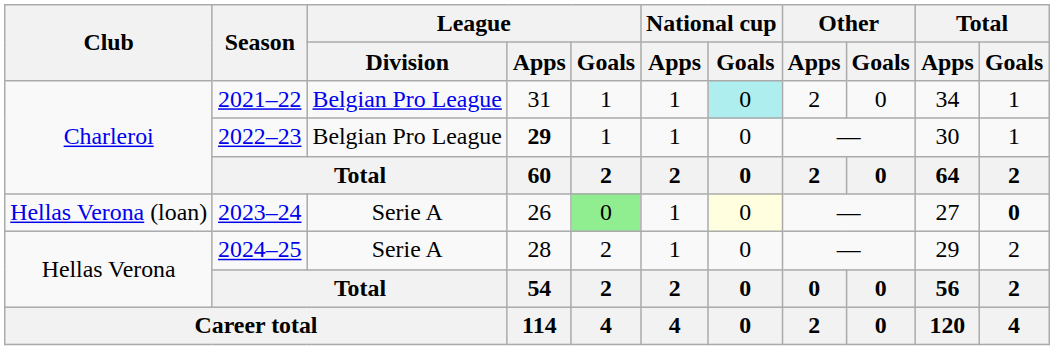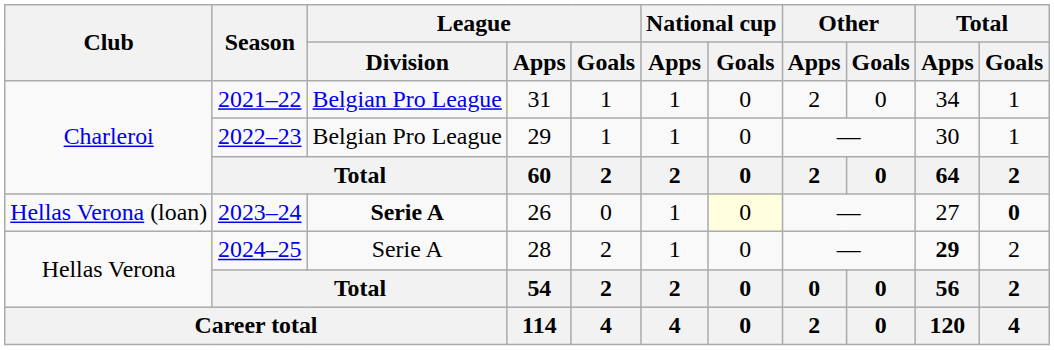 <table class="wikitable" style="text-align:center">
 <tr>
 <th rowspan="2">Club</th>
 <th rowspan="2">Season</th>
 <th colspan="3">League</th>
 <th colspan="2">National cup</th>
 <th colspan="2">Other</th>
 <th colspan="2">Total</th>
 </tr>
 <tr>
 <th>Division</th>
 <th>Apps</th>
 <th>Goals</th>
 <th>Apps</th>
 <th>Goals</th>
 <th>Apps</th>
 <th>Goals</th>
 <th>Apps</th>
 <th>Goals</th>
 </tr>
 <tr>
 <td rowspan="3"><a href='#'>Charleroi</a></td>
 <td><a href='#'>2021–22</a></td>
 <td><a href='#'>Belgian Pro League</a></td>
 <td>31</td>
 <td>1</td>
 <td>1</td>
-<td style="background: paleturquoise;">0</td>
+<td>0</td>
 <td>2</td>
 <td>0</td>
 <td>34</td>
 <td>1</td>
 </tr>
 <tr>
 <td><a href='#'>2022–23</a></td>
 <td>Belgian Pro League</td>
-<td><strong>29</strong></td>
+<td>29</td>
 <td>1</td>
 <td>1</td>
 <td>0</td>
 <td colspan="2">—</td>
 <td>30</td>
 <td>1</td>
 </tr>
 <tr>
 <th colspan="2">Total</th>
 <th>60</th>
 <th>2</th>
 <th>2</th>
 <th>0</th>
 <th>2</th>
 <th>0</th>
 <th>64</th>
 <th>2</th>
 </tr>
 <tr>
 <td><a href='#'>Hellas Verona</a> (loan)</td>
 <td><a href='#'>2023–24</a></td>
-<td>Serie A</td>
+<td><strong>Serie A</strong></td>
 <td>26</td>
-<td style="background: lightgreen;">0</td>
+<td>0</td>
 <td>1</td>
 <td style="background: lightyellow;">0</td>
 <td colspan="2">—</td>
 <td>27</td>
 <td><strong>0</strong></td>
 </tr>
 <tr>
 <td rowspan="2">Hellas Verona</td>
 <td><a href='#'>2024–25</a></td>
 <td>Serie A</td>
 <td>28</td>
 <td>2</td>
 <td>1</td>
 <td>0</td>
 <td colspan="2">—</td>
-<td>29</td>
+<td><strong>29</strong></td>
 <td>2</td>
 </tr>
 <tr>
 <th colspan="2">Total</th>
 <th>54</th>
 <th>2</th>
 <th>2</th>
 <th>0</th>
 <th>0</th>
 <th>0</th>
 <th>56</th>
 <th>2</th>
 </tr>
 <tr>
 <th colspan="3">Career total</th>
 <th>114</th>
 <th>4</th>
 <th>4</th>
 <th>0</th>
 <th>2</th>
 <th>0</th>
 <th>120</th>
 <th>4</th>
 </tr>
 </table>
